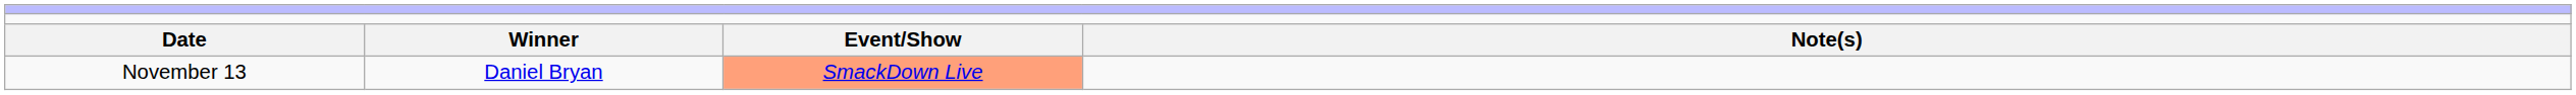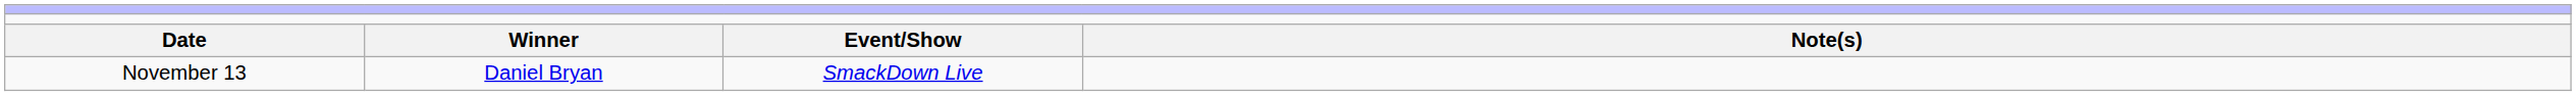 <table class="wikitable" style="text-align:center; width:100%;">
 <tr style="background:#BBF;">
 <td colspan="5"></td>
 </tr>
 <tr>
 <td colspan="5"><strong></strong></td>
 </tr>
 <tr>
 <th width=14%>Date</th>
 <th width=14%>Winner</th>
 <th width=14%>Event/Show</th>
 <th width=58%>Note(s)</th>
 </tr>
 <tr>
 <td>November 13</td>
 <td><a href='#'>Daniel Bryan</a></td>
-<td style="background: lightsalmon;"><em><a href='#'>SmackDown Live</a></em></td>
+<td><em><a href='#'>SmackDown Live</a></em></td>
 <td></td>
 </tr>
 </table>
